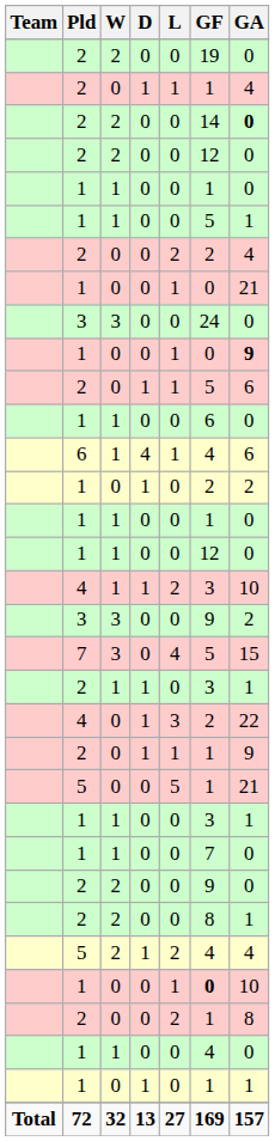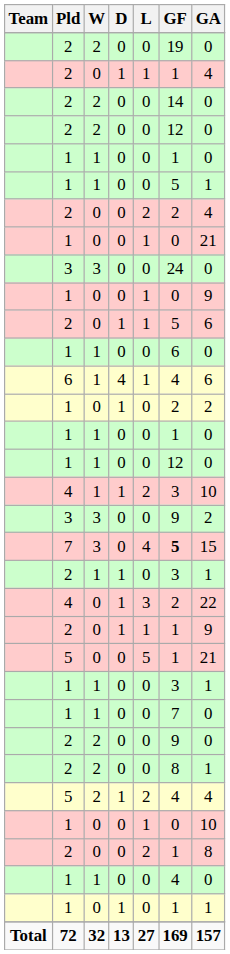 <table class="wikitable sortable" style="font-size:90%; text-align: center;">
 <tr>
 <th>Team</th>
 <th>Pld</th>
 <th>W</th>
 <th>D</th>
 <th>L</th>
 <th>GF</th>
 <th>GA</th>
 </tr>
 <tr bgcolor="#d0ffd0" align="center">
 </tr>
 <tr style="background:#CCFFCC;">
 <td align="left"></td>
 <td>2</td>
 <td>2</td>
 <td>0</td>
 <td>0</td>
 <td>19</td>
 <td>0</td>
 </tr>
 <tr style="background:#FFCCCC;">
 <td align="left"></td>
 <td>2</td>
 <td>0</td>
 <td>1</td>
 <td>1</td>
 <td>1</td>
 <td>4</td>
 </tr>
 <tr style="background:#CCFFCC;">
 <td align="left"></td>
 <td>2</td>
 <td>2</td>
 <td>0</td>
 <td>0</td>
 <td>14</td>
-<td><strong>0</strong></td>
+<td>0</td>
 </tr>
 <tr style="background:#CCFFCC;">
 <td align="left"></td>
 <td>2</td>
 <td>2</td>
 <td>0</td>
 <td>0</td>
 <td>12</td>
 <td>0</td>
 </tr>
 <tr style="background:#CCFFCC;">
 <td align="left"></td>
 <td>1</td>
 <td>1</td>
 <td>0</td>
 <td>0</td>
 <td>1</td>
 <td>0</td>
 </tr>
 <tr style="background:#CCFFCC;">
 <td align="left"></td>
 <td>1</td>
 <td>1</td>
 <td>0</td>
 <td>0</td>
 <td>5</td>
 <td>1</td>
 </tr>
 <tr style="background:#FFCCCC;">
 <td align="left"></td>
 <td>2</td>
 <td>0</td>
 <td>0</td>
 <td>2</td>
 <td>2</td>
 <td>4</td>
 </tr>
 <tr style="background:#FFCCCC;">
 <td align="left"></td>
 <td>1</td>
 <td>0</td>
 <td>0</td>
 <td>1</td>
 <td>0</td>
 <td>21</td>
 </tr>
 <tr style="background:#CCFFCC;">
 <td align="left"></td>
 <td>3</td>
 <td>3</td>
 <td>0</td>
 <td>0</td>
 <td>24</td>
 <td>0</td>
 </tr>
 <tr style="background:#FFCCCC;">
 <td align="left"></td>
 <td>1</td>
 <td>0</td>
 <td>0</td>
 <td>1</td>
 <td>0</td>
-<td><strong>9</strong></td>
+<td>9</td>
 </tr>
 <tr style="background:#FFCCCC;">
 <td align="left"></td>
 <td>2</td>
 <td>0</td>
 <td>1</td>
 <td>1</td>
 <td>5</td>
 <td>6</td>
 </tr>
 <tr style="background:#CCFFCC;">
 <td align="left"></td>
 <td>1</td>
 <td>1</td>
 <td>0</td>
 <td>0</td>
 <td>6</td>
 <td>0</td>
 </tr>
 <tr style="background:#FFFFCC;">
 <td align="left"></td>
 <td>6</td>
 <td>1</td>
 <td>4</td>
 <td>1</td>
 <td>4</td>
 <td>6</td>
 </tr>
 <tr style="background:#FFFFCC;">
 <td align="left"></td>
 <td>1</td>
 <td>0</td>
 <td>1</td>
 <td>0</td>
 <td>2</td>
 <td>2</td>
 </tr>
 <tr style="background:#CCFFCC;">
 <td align="left"></td>
 <td>1</td>
 <td>1</td>
 <td>0</td>
 <td>0</td>
 <td>1</td>
 <td>0</td>
 </tr>
 <tr style="background:#CCFFCC;">
 <td align="left"></td>
 <td>1</td>
 <td>1</td>
 <td>0</td>
 <td>0</td>
 <td>12</td>
 <td>0</td>
 </tr>
 <tr style="background:#FFCCCC;">
 <td align="left"></td>
 <td>4</td>
 <td>1</td>
 <td>1</td>
 <td>2</td>
 <td>3</td>
 <td>10</td>
 </tr>
 <tr style="background:#CCFFCC;">
 <td align="left"></td>
 <td>3</td>
 <td>3</td>
 <td>0</td>
 <td>0</td>
 <td>9</td>
 <td>2</td>
 </tr>
 <tr style="background:#FFCCCC;">
 <td align="left"></td>
 <td>7</td>
 <td>3</td>
 <td>0</td>
 <td>4</td>
-<td>5</td>
+<td><strong>5</strong></td>
 <td>15</td>
 </tr>
 <tr style="background:#CCFFCC;">
 <td align="left"></td>
 <td>2</td>
 <td>1</td>
 <td>1</td>
 <td>0</td>
 <td>3</td>
 <td>1</td>
 </tr>
 <tr style="background:#FFCCCC;">
 <td align="left"></td>
 <td>4</td>
 <td>0</td>
 <td>1</td>
 <td>3</td>
 <td>2</td>
 <td>22</td>
 </tr>
 <tr style="background:#FFCCCC;">
 <td align="left"></td>
 <td>2</td>
 <td>0</td>
 <td>1</td>
 <td>1</td>
 <td>1</td>
 <td>9</td>
 </tr>
 <tr style="background:#FFCCCC;">
 <td align="left"></td>
 <td>5</td>
 <td>0</td>
 <td>0</td>
 <td>5</td>
 <td>1</td>
 <td>21</td>
 </tr>
 <tr style="background:#CCFFCC;">
 <td align="left"></td>
 <td>1</td>
 <td>1</td>
 <td>0</td>
 <td>0</td>
 <td>3</td>
 <td>1</td>
 </tr>
 <tr style="background:#CCFFCC;">
 <td align="left"></td>
 <td>1</td>
 <td>1</td>
 <td>0</td>
 <td>0</td>
 <td>7</td>
 <td>0</td>
 </tr>
 <tr style="background:#CCFFCC;">
 <td align="left"></td>
 <td>2</td>
 <td>2</td>
 <td>0</td>
 <td>0</td>
 <td>9</td>
 <td>0</td>
 </tr>
 <tr style="background:#CCFFCC;">
 <td align="left"></td>
 <td>2</td>
 <td>2</td>
 <td>0</td>
 <td>0</td>
 <td>8</td>
 <td>1</td>
 </tr>
 <tr style="background:#FFFFCC;">
 <td align="left"></td>
 <td>5</td>
 <td>2</td>
 <td>1</td>
 <td>2</td>
 <td>4</td>
 <td>4</td>
 </tr>
 <tr style="background:#FFCCCC;">
 <td align="left"></td>
 <td>1</td>
 <td>0</td>
 <td>0</td>
 <td>1</td>
-<td><strong>0</strong></td>
+<td>0</td>
 <td>10</td>
 </tr>
 <tr style="background:#FFCCCC;">
 <td align="left"></td>
 <td>2</td>
 <td>0</td>
 <td>0</td>
 <td>2</td>
 <td>1</td>
 <td>8</td>
 </tr>
 <tr style="background:#CCFFCC;">
 <td align="left"></td>
 <td>1</td>
 <td>1</td>
 <td>0</td>
 <td>0</td>
 <td>4</td>
 <td>0</td>
 </tr>
 <tr style="background:#FFFFCC;">
 <td align="left"></td>
 <td>1</td>
 <td>0</td>
 <td>1</td>
 <td>0</td>
 <td>1</td>
 <td>1</td>
 </tr>
 <tr>
 </tr>
 <tr class="sortbottom">
 <td><strong>Total</strong></td>
 <td><strong>72</strong></td>
 <td><strong>32</strong></td>
 <td><strong>13</strong></td>
 <td><strong>27</strong></td>
 <td><strong>169</strong></td>
 <td><strong>157</strong></td>
 </tr>
 </table>
